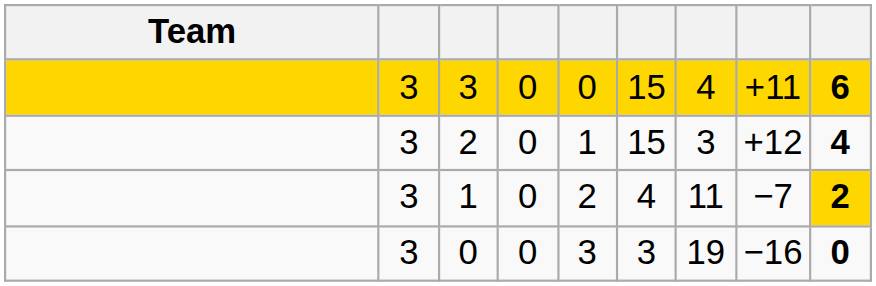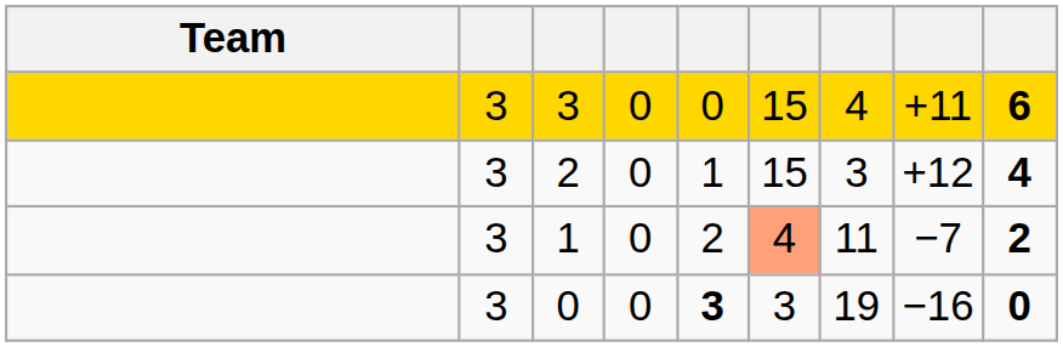 <table class="wikitable" style="text-align:center">
 <tr>
 <th width=165>Team</th>
 <th width=20></th>
 <th width=20></th>
 <th width=20></th>
 <th width=20></th>
 <th width=20></th>
 <th width=20></th>
 <th width=20></th>
 <th width=20></th>
 </tr>
 <tr align=center bgcolor=gold>
 <td align=left></td>
 <td>3</td>
 <td>3</td>
 <td>0</td>
 <td>0</td>
 <td>15</td>
 <td>4</td>
 <td>+11</td>
 <td><strong>6</strong></td>
 </tr>
 <tr align=center>
 <td align=left></td>
 <td>3</td>
 <td>2</td>
 <td>0</td>
 <td>1</td>
 <td>15</td>
 <td>3</td>
 <td>+12</td>
 <td><strong>4</strong></td>
 </tr>
 <tr align=center>
 <td align=left></td>
 <td>3</td>
 <td>1</td>
 <td>0</td>
 <td>2</td>
-<td>4</td>
+<td style="background: lightsalmon;">4</td>
 <td>11</td>
 <td>−7</td>
-<td style="background: gold;"><strong>2</strong></td>
+<td><strong>2</strong></td>
 </tr>
 <tr align=center>
 <td align=left></td>
 <td>3</td>
 <td>0</td>
 <td>0</td>
-<td>3</td>
+<td><strong>3</strong></td>
 <td>3</td>
 <td>19</td>
 <td>−16</td>
 <td><strong>0</strong></td>
 </tr>
 </table>
